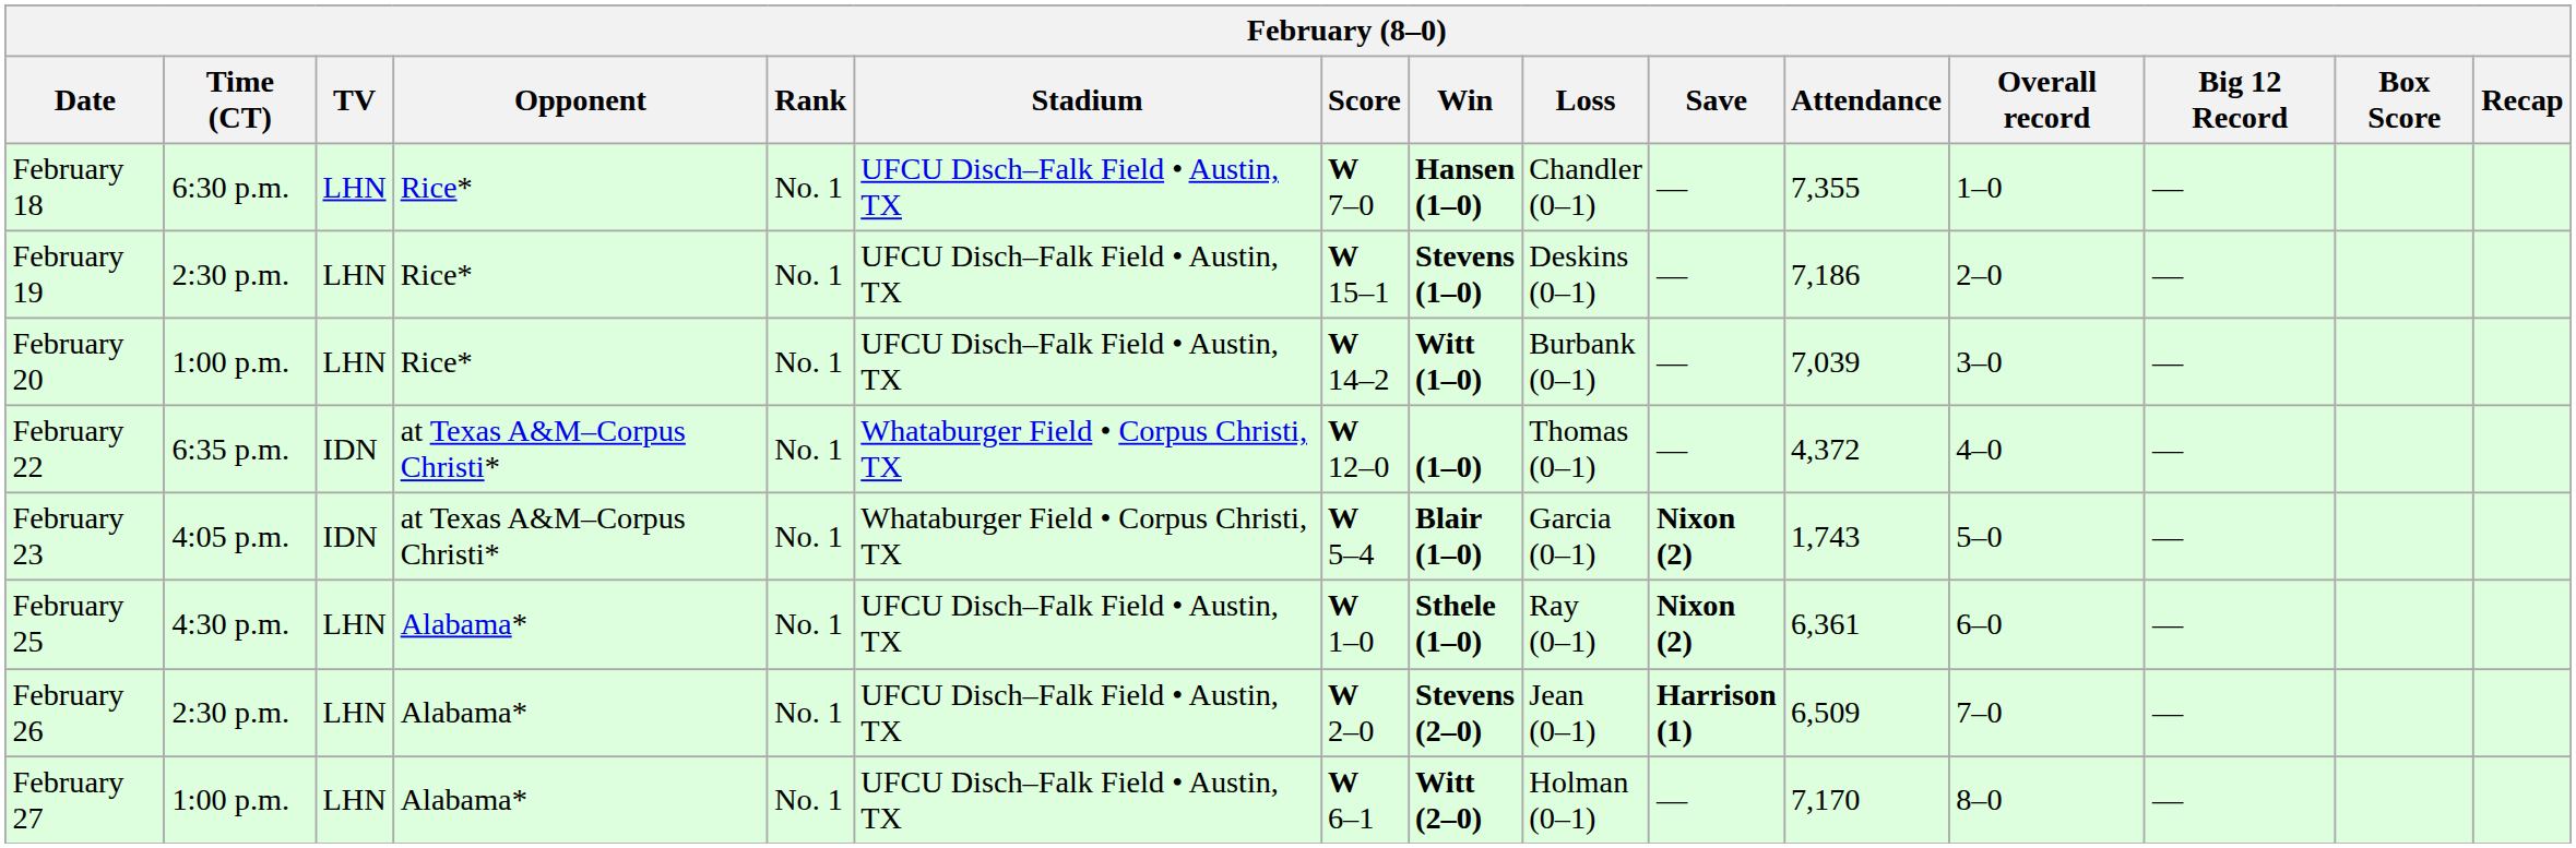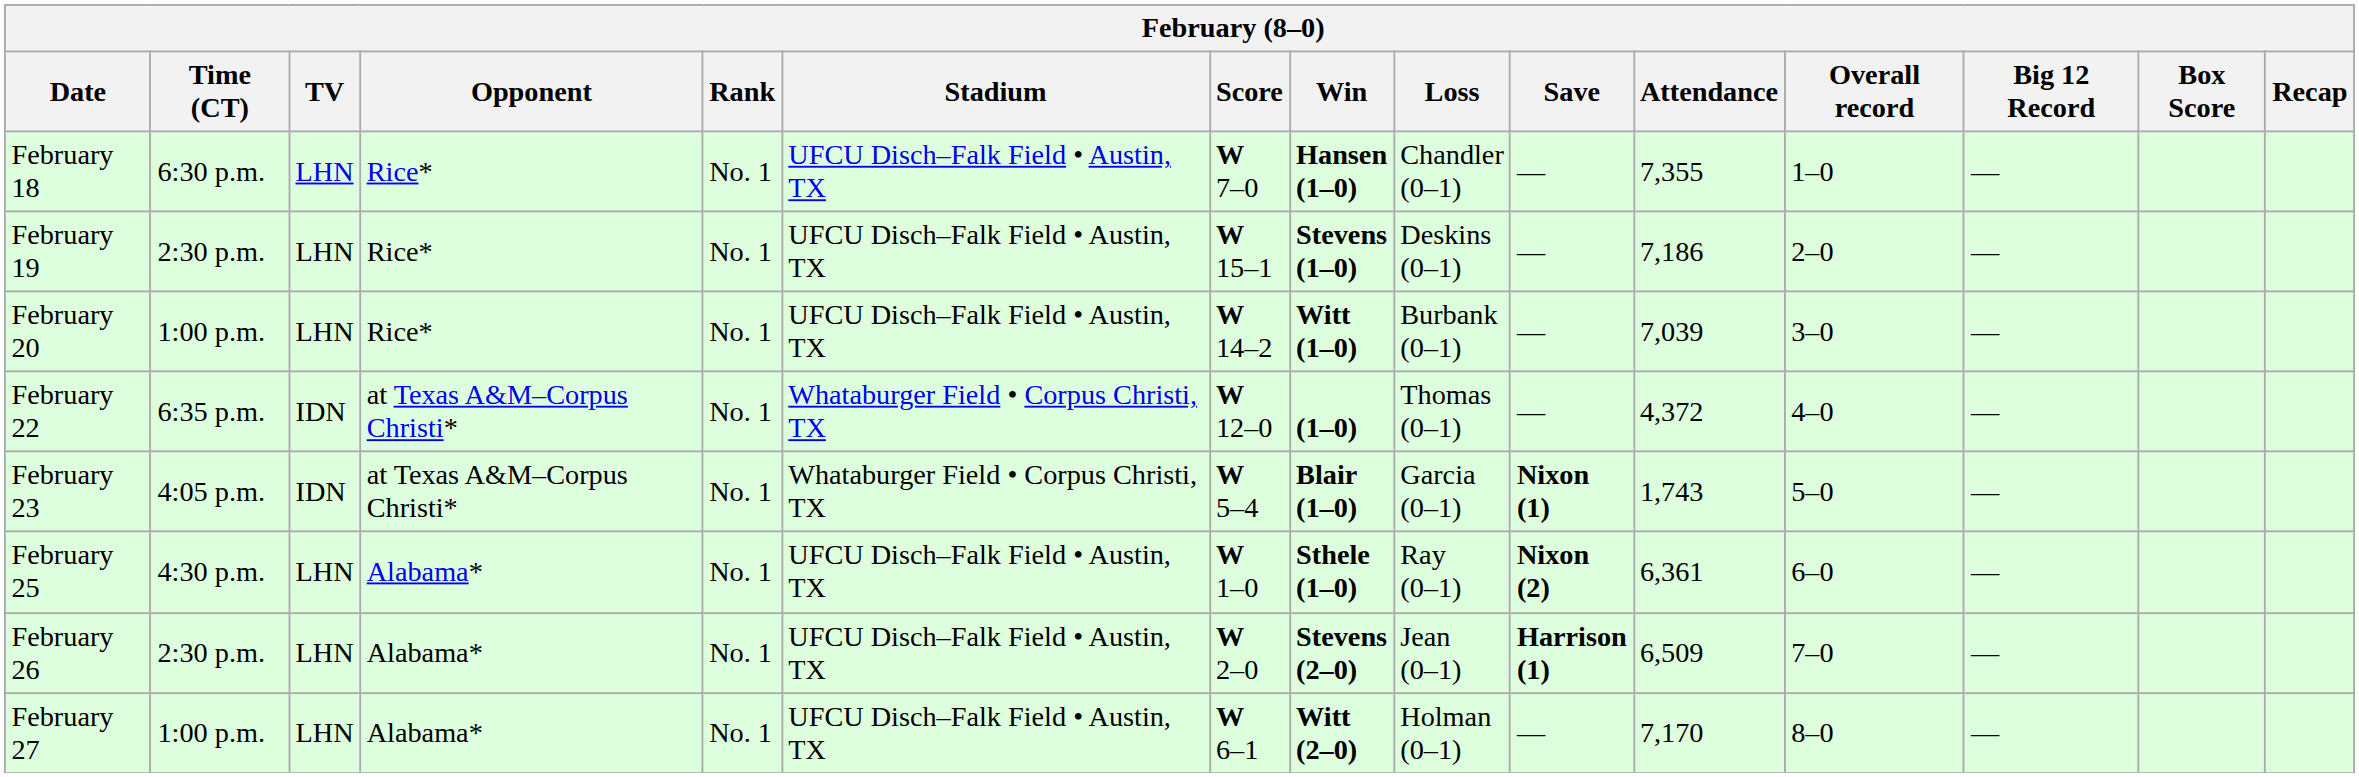 <table class="wikitable collapsible collapsed" style="margin:auto; font-size:95%; width:100%">
 <tr>
 <th colspan=15 style="padding-left:4em;">February (8–0)</th>
 </tr>
 <tr>
 <th>Date</th>
 <th>Time (CT)</th>
 <th>TV</th>
 <th>Opponent</th>
 <th>Rank</th>
 <th>Stadium</th>
 <th>Score</th>
 <th>Win</th>
 <th>Loss</th>
 <th>Save</th>
 <th>Attendance</th>
 <th>Overall record</th>
 <th>Big 12 Record</th>
 <th>Box Score</th>
 <th>Recap</th>
 </tr>
 <tr bgcolor= #ddffdd>
 <td>February 18</td>
 <td>6:30 p.m.</td>
 <td><a href='#'>LHN</a></td>
 <td><a href='#'>Rice</a>*</td>
 <td>No. 1</td>
 <td><a href='#'>UFCU Disch–Falk Field</a> • <a href='#'>Austin, TX</a></td>
 <td><strong>W</strong><br>7–0</td>
 <td><strong>Hansen<br>(1–0)</strong></td>
 <td>Chandler<br>(0–1)</td>
 <td>—</td>
 <td>7,355</td>
 <td>1–0</td>
 <td>—</td>
 <td></td>
 <td></td>
 </tr>
 <tr bgcolor= #ddffdd>
 <td>February 19</td>
 <td>2:30 p.m.</td>
 <td>LHN</td>
 <td>Rice*</td>
 <td>No. 1</td>
 <td>UFCU Disch–Falk Field • Austin, TX</td>
 <td><strong>W</strong><br>15–1</td>
 <td><strong>Stevens<br>(1–0)</strong></td>
 <td>Deskins<br>(0–1)</td>
 <td>—</td>
 <td>7,186</td>
 <td>2–0</td>
 <td>—</td>
 <td></td>
 <td></td>
 </tr>
 <tr bgcolor= #ddffdd>
 <td>February 20</td>
 <td>1:00 p.m.</td>
 <td>LHN</td>
 <td>Rice*</td>
 <td>No. 1</td>
 <td>UFCU Disch–Falk Field • Austin, TX</td>
 <td><strong>W</strong><br>14–2</td>
 <td><strong>Witt<br>(1–0)</strong></td>
 <td>Burbank<br>(0–1)</td>
 <td>—</td>
 <td>7,039</td>
 <td>3–0</td>
 <td>—</td>
 <td></td>
 <td></td>
 </tr>
 <tr bgcolor= #ddffdd>
 <td>February 22</td>
 <td>6:35 p.m.</td>
 <td>IDN </td>
 <td>at <a href='#'>Texas A&M–Corpus Christi</a>*</td>
 <td>No. 1</td>
 <td><a href='#'>Whataburger Field</a> • <a href='#'>Corpus Christi, TX</a></td>
 <td><strong>W</strong><br>12–0</td>
 <td><strong><br>(1–0)</strong></td>
 <td>Thomas<br>(0–1)</td>
 <td>—</td>
 <td>4,372</td>
 <td>4–0</td>
 <td>—</td>
 <td></td>
 <td></td>
 </tr>
 <tr bgcolor= #ddffdd>
 <td>February 23</td>
 <td>4:05 p.m.</td>
 <td>IDN</td>
 <td>at Texas A&M–Corpus Christi*</td>
 <td>No. 1</td>
 <td>Whataburger Field • Corpus Christi, TX</td>
 <td><strong>W</strong><br>5–4</td>
 <td><strong>Blair<br>(1–0)</strong></td>
 <td>Garcia<br>(0–1)</td>
-<td><strong>Nixon<br>(2)</strong></td>
+<td><strong>Nixon<br>(1)</strong></td>
 <td>1,743</td>
 <td>5–0</td>
 <td>—</td>
 <td></td>
 <td></td>
 </tr>
 <tr bgcolor= #ddffdd>
 <td>February 25</td>
 <td>4:30 p.m.</td>
 <td>LHN</td>
 <td><a href='#'>Alabama</a>*</td>
 <td>No. 1</td>
 <td>UFCU Disch–Falk Field • Austin, TX</td>
 <td><strong>W</strong><br>1–0</td>
 <td><strong>Sthele<br>(1–0)</strong></td>
 <td>Ray<br>(0–1)</td>
 <td><strong>Nixon<br>(2)</strong></td>
 <td>6,361</td>
 <td>6–0</td>
 <td>—</td>
 <td></td>
 <td></td>
 </tr>
 <tr bgcolor= #ddffdd>
 <td>February 26</td>
 <td>2:30 p.m.</td>
 <td>LHN</td>
 <td>Alabama*</td>
 <td>No. 1</td>
 <td>UFCU Disch–Falk Field • Austin, TX</td>
 <td><strong>W</strong><br>2–0</td>
 <td><strong>Stevens<br>(2–0)</strong></td>
 <td>Jean<br>(0–1)</td>
 <td><strong>Harrison<br>(1)</strong></td>
 <td>6,509</td>
 <td>7–0</td>
 <td>—</td>
 <td></td>
 <td></td>
 </tr>
 <tr bgcolor= #ddffdd>
 <td>February 27</td>
 <td>1:00 p.m.</td>
 <td>LHN</td>
 <td>Alabama*</td>
 <td>No. 1</td>
 <td>UFCU Disch–Falk Field • Austin, TX</td>
 <td><strong>W</strong><br>6–1</td>
 <td><strong>Witt<br>(2–0)</strong></td>
 <td>Holman<br>(0–1)</td>
 <td>—</td>
 <td>7,170</td>
 <td>8–0</td>
 <td>—</td>
 <td></td>
 <td></td>
 </tr>
 </table>
